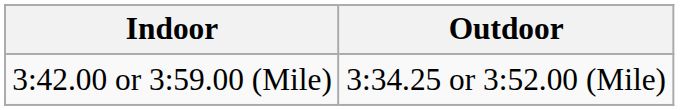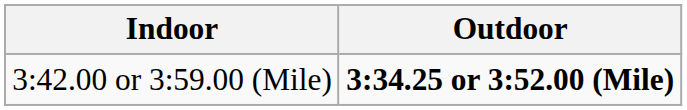 <table class="wikitable" border="1" align="upright">
 <tr>
 <th>Indoor</th>
 <th>Outdoor</th>
 </tr>
 <tr>
 <td>3:42.00 or 3:59.00 (Mile)</td>
-<td>3:34.25 or 3:52.00 (Mile)</td>
+<td><strong>3:34.25 or 3:52.00 (Mile)</strong></td>
 </tr>
 </table>
